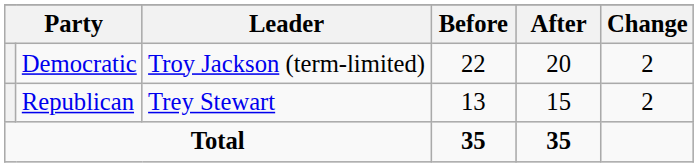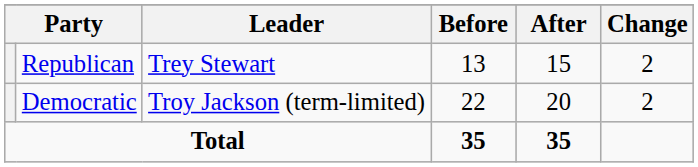 <table class="wikitable" style="text-align:center;">
 <tr>
 </tr>
 <tr>
 <th colspan="2">Party</th>
 <th>Leader</th>
 <th style="width:3em">Before</th>
 <th style="width:3em">After</th>
 <th style="width:3em">Change</th>
 </tr>
 <tr>
 <th style="background-color:"></th>
+<td style="text-align:left;"><a href='#'>Republican</a></td>
+<td style="text-align:left;"><a href='#'>Trey Stewart</a></td>
+<td>13</td>
+<td>15</td>
+<td> 2</td>
+</tr>
+<tr>
+<th style="background-color:"></th>
 <td style="text-align:left;"><a href='#'>Democratic</a></td>
 <td style="text-align:left;"><a href='#'>Troy Jackson</a> (term-limited)</td>
 <td>22</td>
 <td>20</td>
-<td> 2</td>
-</tr>
-<tr>
-<th style="background-color:"></th>
-<td style="text-align:left;"><a href='#'>Republican</a></td>
-<td style="text-align:left;"><a href='#'>Trey Stewart</a></td>
-<td>13</td>
-<td>15</td>
 <td> 2</td>
 </tr>
 <tr>
 <td colspan="3"><strong>Total</strong></td>
 <td><strong>35</strong></td>
 <td><strong>35</strong></td>
 <td></td>
 </tr>
 </table>
